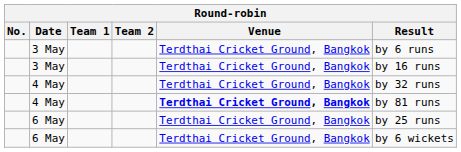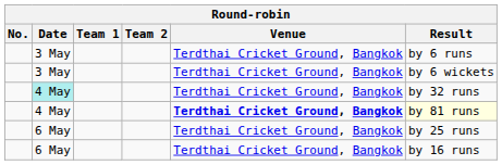 <table class="wikitable">
 <tr>
 <th colspan="6">Round-robin</th>
 </tr>
 <tr>
 <th>No.</th>
 <th>Date</th>
 <th>Team 1</th>
 <th>Team 2</th>
 <th>Venue</th>
 <th>Result</th>
 </tr>
 <tr>
 <td></td>
 <td>3 May</td>
 <td></td>
 <td></td>
 <td><a href='#'>Terdthai Cricket Ground</a>, <a href='#'>Bangkok</a></td>
 <td> by 6 runs</td>
 </tr>
 <tr>
 <td></td>
 <td>3 May</td>
 <td></td>
 <td></td>
 <td><a href='#'>Terdthai Cricket Ground</a>, <a href='#'>Bangkok</a></td>
-<td> by 16 runs</td>
+<td> by 6 wickets</td>
 </tr>
 <tr>
 <td></td>
-<td>4 May</td>
+<td style="background: paleturquoise;">4 May</td>
 <td></td>
 <td></td>
 <td><a href='#'>Terdthai Cricket Ground</a>, <a href='#'>Bangkok</a></td>
 <td> by 32 runs</td>
 </tr>
 <tr>
 <td></td>
 <td>4 May</td>
 <td></td>
 <td></td>
 <td><strong><a href='#'>Terdthai Cricket Ground</a>, <a href='#'>Bangkok</a></strong></td>
-<td> by 81 runs</td>
+<td style="background: lightyellow;"> by 81 runs</td>
 </tr>
 <tr>
 <td></td>
 <td>6 May</td>
 <td></td>
 <td></td>
 <td><a href='#'>Terdthai Cricket Ground</a>, <a href='#'>Bangkok</a></td>
 <td> by 25 runs</td>
 </tr>
 <tr>
 <td></td>
 <td>6 May</td>
 <td></td>
 <td></td>
 <td><a href='#'>Terdthai Cricket Ground</a>, <a href='#'>Bangkok</a></td>
-<td> by 6 wickets</td>
+<td> by 16 runs</td>
 </tr>
 </table>
